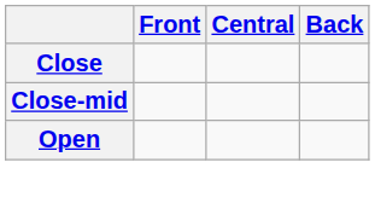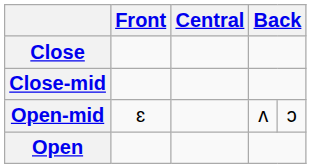 <table class="wikitable" style="text-align:center">
 <tr>
 <th></th>
 <th><a href='#'>Front</a></th>
 <th><a href='#'>Central</a></th>
 <th colspan="2"><a href='#'>Back</a></th>
 </tr>
 <tr>
 <th><a href='#'>Close</a></th>
 <td align="center"></td>
 <td></td>
 <td colspan="2" align="center"></td>
 </tr>
 <tr>
 <th><a href='#'>Close-mid</a></th>
 <td align="center"></td>
 <td></td>
 <td colspan="2" align="center"></td>
 </tr>
 <tr>
+<th><a href='#'>Open-mid</a></th>
+<td>ɛ</td>
+<td></td>
+<td>ʌ</td>
+<td>ɔ</td>
+</tr>
+<tr>
 <th><a href='#'>Open</a></th>
 <td></td>
 <td></td>
 <td colspan="2" align="center"></td>
 </tr>
 </table>
